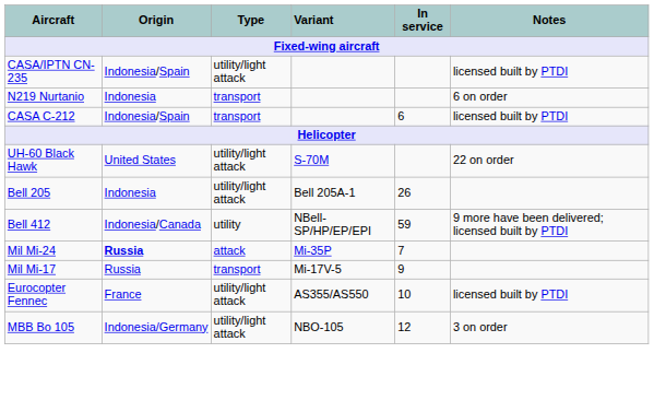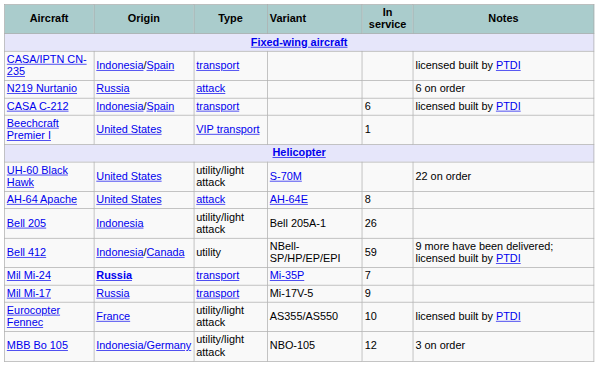 <table class="wikitable">
 <tr>
 <th style="text-align:center; background:#acc;">Aircraft</th>
 <th style="text-align: center; background:#acc;">Origin</th>
 <th style="text-align:l center; background:#acc;">Type</th>
 <th style="text-align:left; background:#acc;">Variant</th>
 <th style="text-align:center; background:#acc;">In service</th>
 <th style="text-align: center; background:#acc;">Notes</th>
 </tr>
 <tr>
 <th style="align: center; background: lavender;" colspan="6"><a href='#'>Fixed-wing aircraft</a></th>
 </tr>
 <tr>
 <td><a href='#'>CASA/IPTN CN-235</a></td>
 <td><a href='#'>Indonesia</a>/<a href='#'>Spain</a></td>
-<td>utility/light attack</td>
+<td><a href='#'>transport</a></td>
 <td></td>
 <td></td>
 <td>licensed built by <a href='#'>PTDI</a></td>
 </tr>
 <tr>
 <td><a href='#'>N219 Nurtanio</a></td>
-<td><a href='#'>Indonesia</a></td>
-<td><a href='#'>transport</a></td>
+<td><a href='#'>Russia</a></td>
+<td><a href='#'>attack</a></td>
 <td></td>
 <td></td>
 <td>6 on order</td>
 </tr>
 <tr>
 <td><a href='#'>CASA C-212</a></td>
 <td><a href='#'>Indonesia</a>/<a href='#'>Spain</a></td>
 <td><a href='#'>transport</a></td>
 <td></td>
 <td>6</td>
 <td>licensed built by <a href='#'>PTDI</a></td>
 </tr>
 <tr>
+<td><a href='#'>Beechcraft Premier I</a></td>
+<td><a href='#'>United States</a></td>
+<td><a href='#'>VIP transport</a></td>
+<td></td>
+<td>1</td>
+<td></td>
+</tr>
+<tr>
 <th style="align: center; background: lavender;" colspan="6"><a href='#'>Helicopter</a></th>
 </tr>
 <tr>
 <td><a href='#'>UH-60 Black Hawk</a></td>
 <td><a href='#'>United States</a></td>
 <td>utility/light attack</td>
 <td><a href='#'>S-70M</a></td>
 <td></td>
 <td>22 on order</td>
+</tr>
+<tr>
+<td><a href='#'>AH-64 Apache</a></td>
+<td><a href='#'>United States</a></td>
+<td><a href='#'>attack</a></td>
+<td><a href='#'>AH-64E</a></td>
+<td>8</td>
+<td></td>
 </tr>
 <tr>
 <td><a href='#'>Bell 205</a></td>
 <td><a href='#'>Indonesia</a></td>
 <td>utility/light attack</td>
 <td>Bell 205A-1</td>
 <td>26</td>
 <td></td>
 </tr>
 <tr>
 <td><a href='#'>Bell 412</a></td>
 <td><a href='#'>Indonesia</a>/<a href='#'>Canada</a></td>
 <td>utility</td>
 <td>NBell-SP/HP/EP/EPI</td>
 <td>59</td>
 <td>9 more have been delivered; licensed built by <a href='#'>PTDI</a></td>
 </tr>
 <tr>
 <td><a href='#'>Mil Mi-24</a></td>
 <td><strong><a href='#'>Russia</a></strong></td>
-<td><a href='#'>attack</a></td>
+<td><a href='#'>transport</a></td>
 <td><a href='#'>Mi-35P</a></td>
 <td>7</td>
 <td></td>
 </tr>
 <tr>
 <td><a href='#'>Mil Mi-17</a></td>
 <td><a href='#'>Russia</a></td>
 <td><a href='#'>transport</a></td>
 <td>Mi-17V-5</td>
 <td>9</td>
 <td></td>
 </tr>
 <tr>
 <td><a href='#'>Eurocopter Fennec</a></td>
 <td><a href='#'>France</a></td>
 <td>utility/light attack</td>
 <td>AS355/AS550</td>
 <td>10</td>
 <td>licensed built by <a href='#'>PTDI</a></td>
 </tr>
 <tr>
 <td><a href='#'>MBB Bo 105</a></td>
 <td><a href='#'>Indonesia/Germany</a></td>
 <td>utility/light attack</td>
 <td>NBO-105</td>
 <td>12</td>
 <td>3 on order</td>
 </tr>
 </table>
